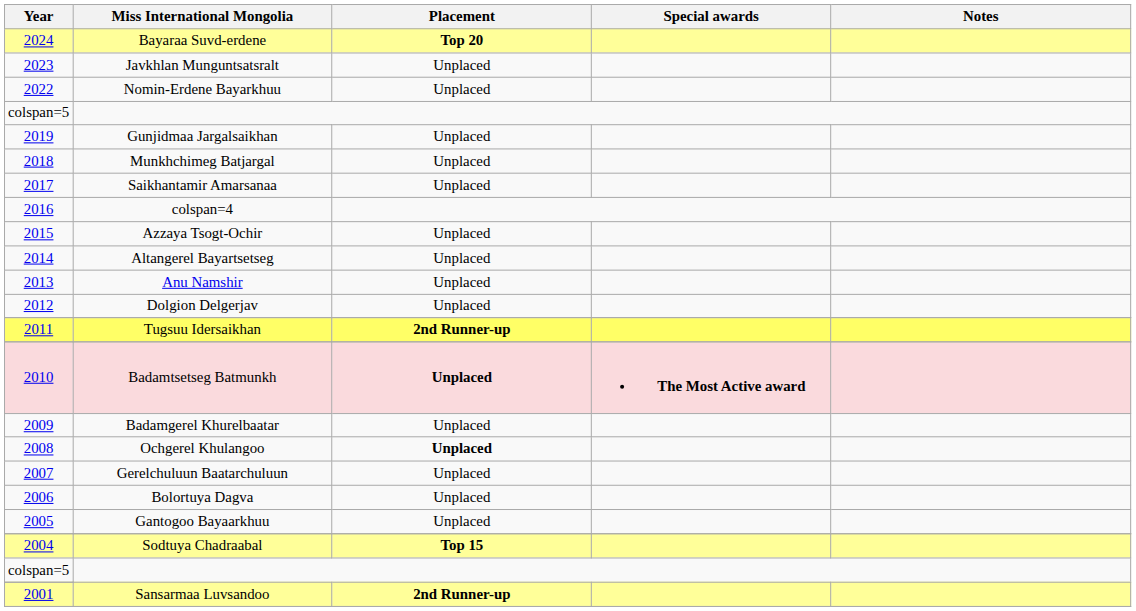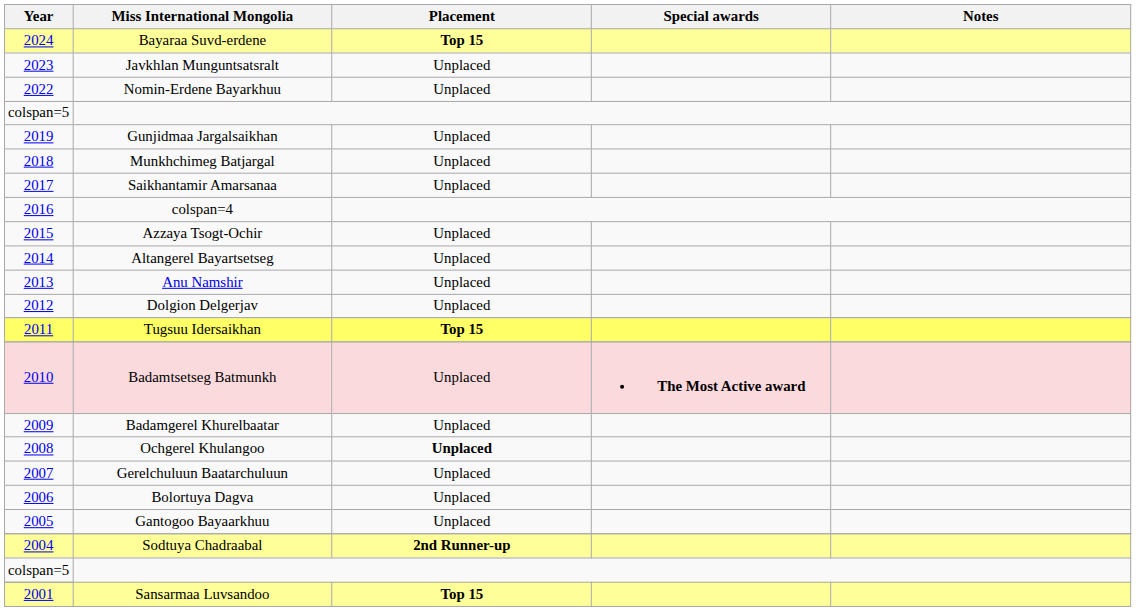 <table class="wikitable" style="font-size: 92%; text-align:center">
 <tr>
 <th width="60">Year</th>
 <th width="250">Miss International Mongolia</th>
 <th width="250">Placement</th>
 <th width="230">Special awards</th>
 <th width="290">Notes</th>
 </tr>
 <tr style="background-color:#FFFF99;">
 <td><a href='#'>2024</a></td>
 <td>Bayaraa Suvd-erdene</td>
-<td><strong>Top 20</strong></td>
+<td><strong>Top 15</strong></td>
 <td></td>
 <td></td>
 </tr>
 <tr>
 <td><a href='#'>2023</a></td>
 <td>Javkhlan Munguntsatsralt</td>
 <td>Unplaced</td>
 <td></td>
 <td></td>
 </tr>
 <tr>
 <td><a href='#'>2022</a></td>
 <td>Nomin-Erdene Bayarkhuu</td>
 <td>Unplaced</td>
 <td></td>
 <td></td>
 </tr>
 <tr>
 <td>colspan=5 </td>
 </tr>
 <tr>
 <td><a href='#'>2019</a></td>
 <td>Gunjidmaa Jargalsaikhan</td>
 <td>Unplaced</td>
 <td></td>
 <td></td>
 </tr>
 <tr>
 <td><a href='#'>2018</a></td>
 <td>Munkhchimeg Batjargal</td>
 <td>Unplaced</td>
 <td></td>
 <td></td>
 </tr>
 <tr>
 <td><a href='#'>2017</a></td>
 <td>Saikhantamir Amarsanaa</td>
 <td>Unplaced</td>
 <td></td>
 <td></td>
 </tr>
 <tr>
 <td><a href='#'>2016</a></td>
 <td>colspan=4 </td>
 </tr>
 <tr>
 <td><a href='#'>2015</a></td>
 <td>Azzaya Tsogt-Ochir</td>
 <td>Unplaced</td>
 <td></td>
 <td></td>
 </tr>
 <tr>
 <td><a href='#'>2014</a></td>
 <td>Altangerel Bayartsetseg</td>
 <td>Unplaced</td>
 <td></td>
 <td></td>
 </tr>
 <tr>
 <td><a href='#'>2013</a></td>
 <td><a href='#'>Anu Namshir</a></td>
 <td>Unplaced</td>
 <td></td>
 <td></td>
 </tr>
 <tr>
 <td><a href='#'>2012</a></td>
 <td>Dolgion Delgerjav</td>
 <td>Unplaced</td>
 <td></td>
 <td></td>
 </tr>
 <tr>
 </tr>
 <tr style="background-color:#FFFF66;">
 <td><a href='#'>2011</a></td>
 <td>Tugsuu Idersaikhan</td>
-<td><strong>2nd Runner-up </strong></td>
+<td><strong>Top 15</strong></td>
 <td></td>
 <td></td>
 </tr>
 <tr>
 </tr>
 <tr style="background-color:#FADADD;">
 <td><a href='#'>2010</a></td>
 <td>Badamtsetseg Batmunkh</td>
-<td><strong>Unplaced</strong></td>
+<td>Unplaced</td>
 <td><br><ul><li><strong>The Most Active award</strong></li></ul></td>
 <td></td>
 </tr>
 <tr>
 <td><a href='#'>2009</a></td>
 <td>Badamgerel Khurelbaatar</td>
 <td>Unplaced</td>
 <td></td>
 <td></td>
 </tr>
 <tr>
 <td><a href='#'>2008</a></td>
 <td>Ochgerel Khulangoo</td>
 <td><strong>Unplaced</strong></td>
 <td></td>
 <td></td>
 </tr>
 <tr>
 <td><a href='#'>2007</a></td>
 <td>Gerelchuluun Baatarchuluun</td>
 <td>Unplaced</td>
 <td></td>
 <td></td>
 </tr>
 <tr>
 <td><a href='#'>2006</a></td>
 <td>Bolortuya Dagva</td>
 <td>Unplaced</td>
 <td></td>
 <td></td>
 </tr>
 <tr>
 <td><a href='#'>2005</a></td>
 <td>Gantogoo Bayaarkhuu</td>
 <td>Unplaced</td>
 <td></td>
 <td></td>
 </tr>
 <tr>
 </tr>
 <tr style="background-color:#FFFF99;">
 <td><a href='#'>2004</a></td>
 <td>Sodtuya Chadraabal</td>
-<td><strong>Top 15</strong></td>
+<td><strong>2nd Runner-up </strong></td>
 <td></td>
 <td></td>
 </tr>
 <tr>
 <td>colspan=5 </td>
 </tr>
 <tr>
 </tr>
 <tr style="background-color:#FFFF99;">
 <td><a href='#'>2001</a></td>
 <td>Sansarmaa Luvsandoo</td>
-<td><strong>2nd Runner-up </strong></td>
+<td><strong>Top 15</strong></td>
 <td></td>
 <td></td>
 </tr>
 <tr>
 </tr>
 </table>
